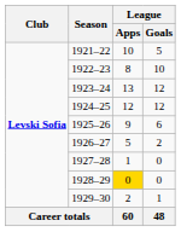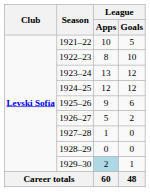 <table class="wikitable" style="font-size:90%; text-align: center;">
 <tr>
 <th rowspan="2">Club</th>
 <th rowspan="2">Season</th>
 <th colspan="2">League</th>
 </tr>
 <tr>
 <th>Apps</th>
 <th>Goals</th>
 </tr>
 <tr>
 <td rowspan="9" valign="center"><strong><a href='#'>Levski Sofia</a></strong></td>
 <td>1921–22</td>
 <td>10</td>
 <td>5</td>
 </tr>
 <tr>
 <td>1922–23</td>
 <td>8</td>
 <td>10</td>
 </tr>
 <tr>
 <td>1923–24</td>
 <td>13</td>
 <td>12</td>
 </tr>
 <tr>
 <td>1924–25</td>
 <td>12</td>
 <td>12</td>
 </tr>
 <tr>
 <td>1925–26</td>
 <td>9</td>
 <td>6</td>
 </tr>
 <tr>
 <td>1926–27</td>
 <td>5</td>
 <td>2</td>
 </tr>
 <tr>
 <td>1927–28</td>
 <td>1</td>
 <td>0</td>
 </tr>
 <tr>
 <td>1928–29</td>
-<td style="background: gold;">0</td>
+<td>0</td>
 <td>0</td>
 </tr>
 <tr>
 <td>1929–30</td>
-<td>2</td>
+<td style="background: lightblue;">2</td>
 <td>1</td>
 </tr>
 <tr>
 <th colspan="2">Career totals</th>
 <th>60</th>
 <th>48</th>
 </tr>
 </table>
